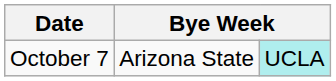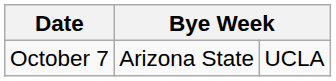 <table class="wikitable" style="font-size:95%;">
 <tr>
 <th>Date</th>
 <th colspan="2">Bye Week</th>
 </tr>
 <tr>
 <td>October 7</td>
 <td>Arizona State</td>
-<td style="background: paleturquoise;">UCLA</td>
+<td>UCLA</td>
 </tr>
 </table>
